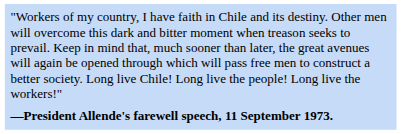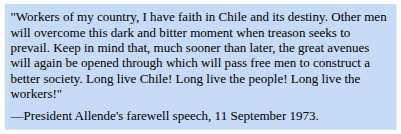 <table class="toccolours" style="float: right; margin-left: 1em; margin-right: 2em; font-size: 85%; background:#c6dbf7; color:black; width:30em; max-width: 50%;" cellspacing="5">
 <tr>
 <td style="text-align: left;">"Workers of my country, I have faith in Chile and its destiny. Other men will overcome this dark and bitter moment when treason seeks to prevail. Keep in mind that, much sooner than later, the great avenues will again be opened through which will pass free men to construct a better society. Long live Chile! Long live the people! Long live the workers!"</td>
 </tr>
 <tr>
-<td style="text-align: left;"><strong>—President Allende's farewell speech, 11 September 1973.</strong></td>
+<td style="text-align: left;">—President Allende's farewell speech, 11 September 1973.</td>
 </tr>
 </table>
